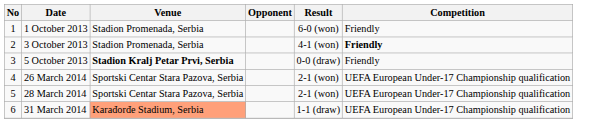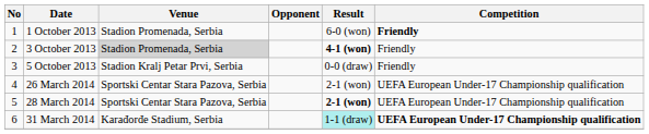 <table class="wikitable">
 <tr>
 <th>No</th>
 <th>Date</th>
 <th>Venue</th>
 <th>Opponent</th>
 <th>Result</th>
 <th>Competition</th>
 </tr>
 <tr>
 <td align=center>1</td>
 <td>1 October 2013</td>
 <td>Stadion Promenada, Serbia</td>
 <td></td>
 <td align=center>6-0 (won)</td>
-<td>Friendly</td>
+<td><strong>Friendly</strong></td>
 </tr>
 <tr>
 <td align=center>2</td>
 <td>3 October 2013</td>
-<td>Stadion Promenada, Serbia</td>
+<td style="background: lightgrey;">Stadion Promenada, Serbia</td>
 <td></td>
-<td align=center>4-1 (won)</td>
-<td><strong>Friendly</strong></td>
+<td align=center><strong>4-1 (won)</strong></td>
+<td>Friendly</td>
 </tr>
 <tr>
 <td align=center>3</td>
 <td>5 October 2013</td>
-<td><strong>Stadion Kralj Petar Prvi, Serbia</strong></td>
+<td>Stadion Kralj Petar Prvi, Serbia</td>
 <td></td>
 <td align=center>0-0 (draw)</td>
 <td>Friendly</td>
 </tr>
 <tr>
 <td align=center>4</td>
 <td>26 March 2014</td>
 <td>Sportski Centar Stara Pazova, Serbia</td>
 <td></td>
 <td align=center>2-1 (won)</td>
 <td>UEFA European Under-17 Championship qualification</td>
 </tr>
 <tr>
 <td align=center>5</td>
 <td>28 March 2014</td>
 <td>Sportski Centar Stara Pazova, Serbia</td>
 <td></td>
-<td align=center>2-1 (won)</td>
+<td align=center><strong>2-1 (won)</strong></td>
 <td>UEFA European Under-17 Championship qualification</td>
 </tr>
 <tr>
 <td align=center>6</td>
 <td>31 March 2014</td>
-<td style="background: lightsalmon;">Karađorđe Stadium, Serbia</td>
+<td>Karađorđe Stadium, Serbia</td>
 <td></td>
-<td align=center>1-1 (draw)</td>
-<td>UEFA European Under-17 Championship qualification</td>
+<td align=center style="background: paleturquoise;">1-1 (draw)</td>
+<td><strong>UEFA European Under-17 Championship qualification</strong></td>
 </tr>
 <tr>
 </tr>
 </table>
